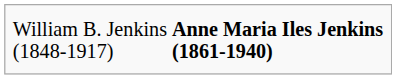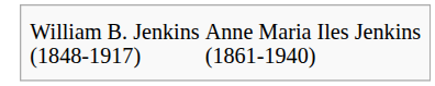 <table class="infobox">
 <tr>
 <td></td>
 <td></td>
 </tr>
 <tr>
 <td>William B. Jenkins<br>(1848-1917)</td>
-<td><strong>Anne Maria Iles Jenkins<br>(1861-1940)</strong></td>
+<td>Anne Maria Iles Jenkins<br>(1861-1940)</td>
 </tr>
 <tr>
 </tr>
 </table>
